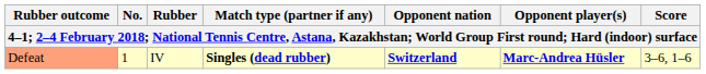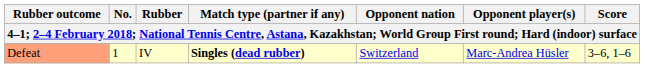 <table class=wikitable>
 <tr>
 <th>Rubber outcome</th>
 <th>No.</th>
 <th>Rubber</th>
 <th>Match type (partner if any)</th>
 <th>Opponent nation</th>
 <th>Opponent player(s)</th>
 <th>Score</th>
 </tr>
 <tr>
 <th colspan=7>4–1; <a href='#'>2–4 February 2018</a>; <a href='#'>National Tennis Centre</a>, <a href='#'>Astana</a>, Kazakhstan; World Group First round; Hard (indoor) surface</th>
 </tr>
 <tr bgcolor=#FFFFCC>
 <td bgcolor=FFA07A>Defeat</td>
 <td>1</td>
 <td>IV</td>
 <td><strong>Singles (<a href='#'>dead rubber</a>)</strong></td>
-<td><strong> <a href='#'>Switzerland</a></strong></td>
-<td><strong><a href='#'>Marc-Andrea Hüsler</a></strong></td>
+<td> <a href='#'>Switzerland</a></td>
+<td><a href='#'>Marc-Andrea Hüsler</a></td>
 <td>3–6, 1–6</td>
 </tr>
 </table>
